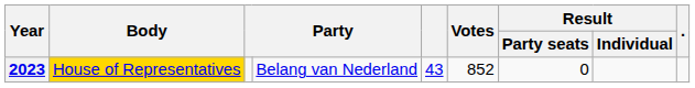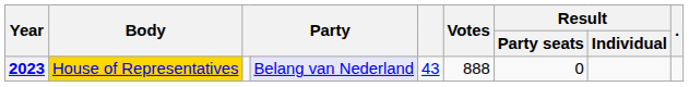 <table class="wikitable plainrowheaders sortable" border=2 cellpadding=4 cellspacing=0 style="border: 1px #aaa solid; font-size: 90%; text-align:center;">
 <tr>
 <th scope="col" rowspan=2>Year</th>
 <th scope="col" rowspan=2>Body</th>
 <th scope="col" colspan=2 rowspan=2>Party</th>
 <th scope="col" rowspan=2></th>
 <th scope="col" rowspan=2>Votes</th>
 <th scope="colgroup" colspan=2>Result</th>
 <th scope="col" rowspan=2 class="unsortable">.</th>
 </tr>
 <tr>
 <th scope="col">Party seats</th>
 <th scope="col">Individual</th>
 </tr>
 <tr>
 <th scope="row"><a href='#'>2023</a></th>
 <td style="background: gold;"><a href='#'>House of Representatives</a></td>
 <td style="background-color:"></td>
-<td><a href='#'>Belang van Nederland</a></td>
+<td style="background: lavender;"><a href='#'>Belang van Nederland</a></td>
 <td style=text-align:right><a href='#'>43</a></td>
-<td style=text-align:right>852</td>
+<td style=text-align:right>888</td>
 <td style=text-align:right>0</td>
 <td></td>
 <td></td>
 </tr>
 </table>
